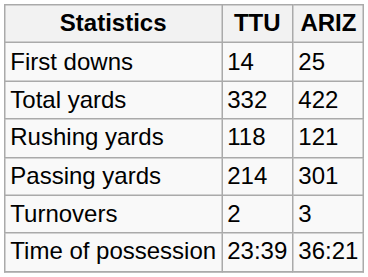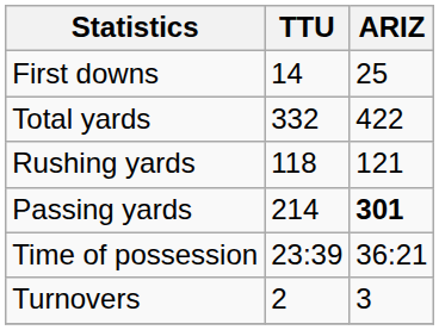 <table class="wikitable" style="float: left;">
 <tr>
 <th>Statistics</th>
 <th>TTU</th>
 <th>ARIZ</th>
 </tr>
 <tr>
 <td>First downs</td>
 <td>14</td>
 <td>25</td>
 </tr>
 <tr>
 <td>Total yards</td>
 <td>332</td>
 <td>422</td>
 </tr>
 <tr>
 <td>Rushing yards</td>
 <td>118</td>
 <td>121</td>
 </tr>
 <tr>
 <td>Passing yards</td>
 <td>214</td>
-<td>301</td>
+<td><strong>301</strong></td>
+</tr>
+<tr>
+<td>Time of possession</td>
+<td>23:39</td>
+<td>36:21</td>
 </tr>
 <tr>
 <td>Turnovers</td>
 <td>2</td>
 <td>3</td>
 </tr>
 <tr>
-<td>Time of possession</td>
-<td>23:39</td>
-<td>36:21</td>
-</tr>
-<tr>
 </tr>
 </table>
